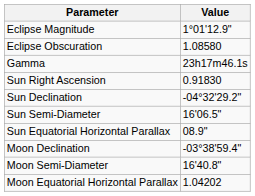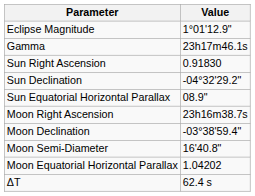 <table class="wikitable">
 <tr>
 <th>Parameter</th>
 <th>Value</th>
 </tr>
 <tr>
 <td>Eclipse Magnitude</td>
 <td>1°01'12.9"</td>
-</tr>
-<tr>
-<td>Eclipse Obscuration</td>
-<td>1.08580</td>
 </tr>
 <tr>
 <td>Gamma</td>
 <td>23h17m46.1s</td>
 </tr>
 <tr>
 <td>Sun Right Ascension</td>
 <td>0.91830</td>
 </tr>
 <tr>
 <td>Sun Declination</td>
 <td>-04°32'29.2"</td>
 </tr>
 <tr>
-<td>Sun Semi-Diameter</td>
-<td>16'06.5"</td>
+<td>Sun Equatorial Horizontal Parallax</td>
+<td>08.9"</td>
 </tr>
 <tr>
-<td>Sun Equatorial Horizontal Parallax</td>
-<td>08.9"</td>
+<td>Moon Right Ascension</td>
+<td>23h16m38.7s</td>
 </tr>
 <tr>
 <td>Moon Declination</td>
 <td>-03°38'59.4"</td>
 </tr>
 <tr>
 <td>Moon Semi-Diameter</td>
 <td>16'40.8"</td>
 </tr>
 <tr>
 <td>Moon Equatorial Horizontal Parallax</td>
 <td>1.04202</td>
 </tr>
+<tr>
+<td>ΔT</td>
+<td>62.4 s</td>
+</tr>
 </table>
